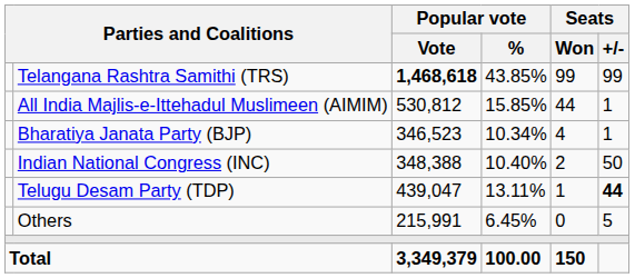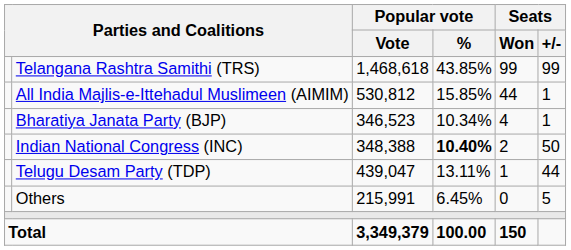 <table class="wikitable sortable">
 <tr>
 <th colspan="2" rowspan="2" width="150">Parties and Coalitions</th>
 <th colspan="2">Popular vote</th>
 <th colspan="2">Seats</th>
 </tr>
 <tr>
 <th width="70">Vote</th>
 <th width="45">%</th>
 <th>Won</th>
 <th>+/-</th>
 </tr>
 <tr>
 <td></td>
 <td align="left"><a href='#'>Telangana Rashtra Samithi</a> (TRS)</td>
-<td><strong>1,468,618</strong></td>
+<td>1,468,618</td>
 <td>43.85%</td>
 <td>99</td>
 <td>99</td>
 </tr>
 <tr>
 <td></td>
 <td align="left"><a href='#'>All India Majlis-e-Ittehadul Muslimeen</a> (AIMIM)</td>
 <td>530,812</td>
 <td>15.85%</td>
 <td>44</td>
 <td>1</td>
 </tr>
 <tr>
 <td></td>
 <td align="left"><a href='#'>Bharatiya Janata Party</a> (BJP)</td>
 <td>346,523</td>
 <td>10.34%</td>
 <td>4</td>
 <td>1</td>
 </tr>
 <tr>
 <td></td>
 <td align="left"><a href='#'>Indian National Congress</a> (INC)</td>
 <td>348,388</td>
-<td>10.40%</td>
+<td><strong>10.40%</strong></td>
 <td>2</td>
 <td>50</td>
 </tr>
 <tr>
 <td></td>
 <td align="left"><a href='#'>Telugu Desam Party</a> (TDP)</td>
 <td>439,047</td>
 <td>13.11%</td>
 <td>1</td>
-<td><strong>44</strong></td>
+<td>44</td>
 </tr>
 <tr>
 <td></td>
 <td align="left">Others</td>
 <td>215,991</td>
 <td>6.45%</td>
 <td>0</td>
 <td>5</td>
 </tr>
 <tr>
 <td colspan="6" bgcolor="#E9E9E9"></td>
 </tr>
 <tr style="font-weight:bold;">
 <td colspan="2" align="left">Total</td>
 <td><strong>3,349,379</strong></td>
 <td><strong>100.00</strong></td>
 <td><strong>150</strong></td>
 <td></td>
 </tr>
 </table>
